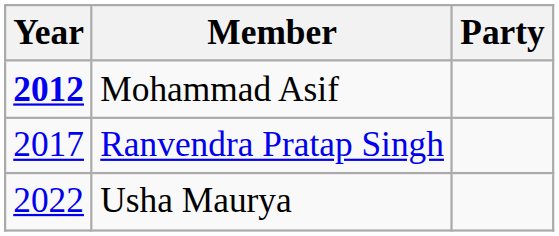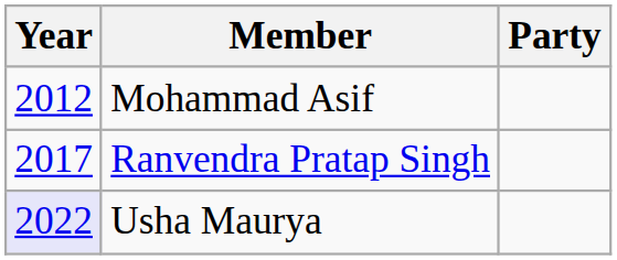 <table class="wikitable sortable">
 <tr>
 <th>Year</th>
 <th>Member</th>
 <th colspan="2">Party</th>
 </tr>
 <tr>
-<td><strong><a href='#'>2012</a></strong></td>
+<td><a href='#'>2012</a></td>
 <td>Mohammad Asif </td>
 <td></td>
 </tr>
 <tr>
 <td><a href='#'>2017</a></td>
 <td><a href='#'>Ranvendra Pratap Singh</a></td>
 <td></td>
 </tr>
 <tr>
-<td><a href='#'>2022</a></td>
+<td style="background: lavender;"><a href='#'>2022</a></td>
 <td>Usha Maurya </td>
 <td></td>
 </tr>
 </table>
